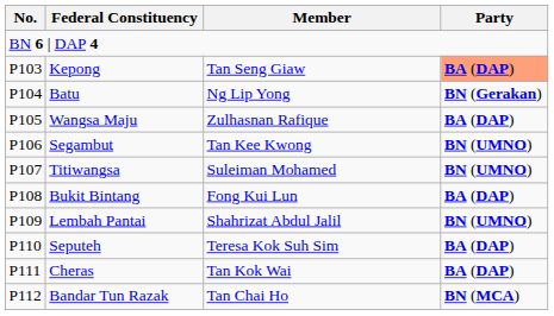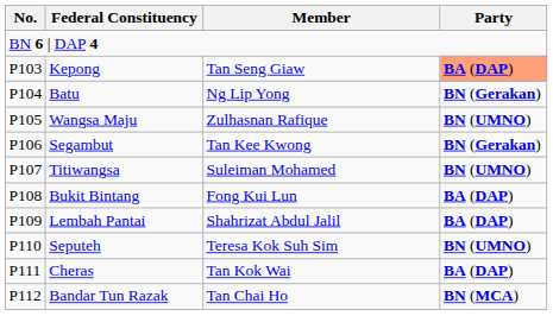 <table class="wikitable sortable">
 <tr>
 <th style="width:30px;">No.</th>
 <th style="width:150px;">Federal Constituency</th>
 <th style="width:230px;">Member</th>
 <th style="width:100px;">Party</th>
 </tr>
 <tr>
 <td colspan="4"><a href='#'>BN</a> <strong>6</strong> | <a href='#'>DAP</a> <strong>4</strong></td>
 </tr>
 <tr>
 <td>P103</td>
 <td><a href='#'>Kepong</a></td>
 <td><a href='#'>Tan Seng Giaw</a></td>
 <td style="background: lightsalmon;"><strong><a href='#'>BA</a></strong> (<strong><a href='#'>DAP</a></strong>)</td>
 </tr>
 <tr>
 <td>P104</td>
 <td><a href='#'>Batu</a></td>
 <td><a href='#'>Ng Lip Yong</a></td>
 <td><strong><a href='#'>BN</a></strong> (<strong><a href='#'>Gerakan</a></strong>)</td>
 </tr>
 <tr>
 <td>P105</td>
 <td><a href='#'>Wangsa Maju</a></td>
 <td><a href='#'>Zulhasnan Rafique</a></td>
-<td><strong><a href='#'>BA</a></strong> (<strong><a href='#'>DAP</a></strong>)</td>
+<td><strong><a href='#'>BN</a></strong> (<strong><a href='#'>UMNO</a></strong>)</td>
 </tr>
 <tr>
 <td>P106</td>
 <td><a href='#'>Segambut</a></td>
 <td><a href='#'>Tan Kee Kwong</a></td>
-<td><strong><a href='#'>BN</a></strong> (<strong><a href='#'>UMNO</a></strong>)</td>
+<td><strong><a href='#'>BN</a></strong> (<strong><a href='#'>Gerakan</a></strong>)</td>
 </tr>
 <tr>
 <td>P107</td>
 <td><a href='#'>Titiwangsa</a></td>
 <td><a href='#'>Suleiman Mohamed</a></td>
 <td><strong><a href='#'>BN</a></strong> (<strong><a href='#'>UMNO</a></strong>)</td>
 </tr>
 <tr>
 <td>P108</td>
 <td><a href='#'>Bukit Bintang</a></td>
 <td><a href='#'>Fong Kui Lun</a></td>
 <td><strong><a href='#'>BA</a></strong> (<strong><a href='#'>DAP</a></strong>)</td>
 </tr>
 <tr>
 <td>P109</td>
 <td><a href='#'>Lembah Pantai</a></td>
 <td><a href='#'>Shahrizat Abdul Jalil</a></td>
-<td><strong><a href='#'>BN</a></strong> (<strong><a href='#'>UMNO</a></strong>)</td>
+<td><strong><a href='#'>BA</a></strong> (<strong><a href='#'>DAP</a></strong>)</td>
 </tr>
 <tr>
 <td>P110</td>
 <td><a href='#'>Seputeh</a></td>
 <td><a href='#'>Teresa Kok Suh Sim</a></td>
-<td><strong><a href='#'>BA</a></strong> (<strong><a href='#'>DAP</a></strong>)</td>
+<td><strong><a href='#'>BN</a></strong> (<strong><a href='#'>UMNO</a></strong>)</td>
 </tr>
 <tr>
 <td>P111</td>
 <td><a href='#'>Cheras</a></td>
 <td><a href='#'>Tan Kok Wai</a></td>
 <td><strong><a href='#'>BA</a></strong> (<strong><a href='#'>DAP</a></strong>)</td>
 </tr>
 <tr>
 <td>P112</td>
 <td><a href='#'>Bandar Tun Razak</a></td>
 <td><a href='#'>Tan Chai Ho</a></td>
 <td><strong><a href='#'>BN</a></strong> (<strong><a href='#'>MCA</a></strong>)</td>
 </tr>
 </table>
